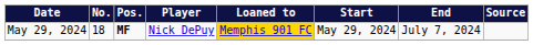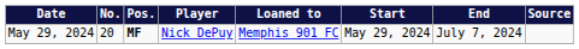 <table class="wikitable sortable" style="text-align:center; font-size:95%; text-align:left;">
 <tr>
 <th style="background:#0E1145; color:#FFFFFF">Date</th>
 <th style="background:#0E1145; color:#FFFFFF">No.</th>
 <th style="background:#0E1145; color:#FFFFFF">Pos.</th>
 <th style="background:#0E1145; color:#FFFFFF">Player</th>
 <th style="background:#0E1145; color:#FFFFFF">Loaned to</th>
 <th style="background:#0E1145; color:#FFFFFF">Start</th>
 <th style="background:#0E1145; color:#FFFFFF">End</th>
 <th style="background:#0E1145; color:#FFFFFF">Source</th>
 </tr>
 <tr>
 <td>May 29, 2024</td>
-<td>18</td>
+<td>20</td>
 <td><strong>MF</strong></td>
 <td align="left"> <a href='#'>Nick DePuy</a></td>
-<td align="left" style="background: gold;"> <a href='#'>Memphis 901 FC</a></td>
+<td align="left"> <a href='#'>Memphis 901 FC</a></td>
 <td>May 29, 2024</td>
 <td>July 7, 2024</td>
 <td></td>
 </tr>
 <tr>
 </tr>
 </table>
